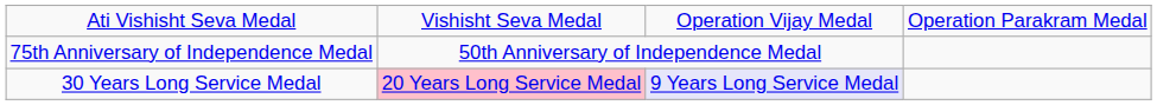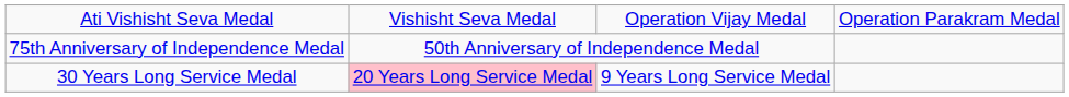 <table class="wikitable" style="margin:1em auto; text-align:center;">
 <tr>
 <td><a href='#'>Ati Vishisht Seva Medal</a></td>
 <td><a href='#'>Vishisht Seva Medal</a></td>
 <td><a href='#'>Operation Vijay Medal</a></td>
 <td><a href='#'>Operation Parakram Medal</a></td>
 </tr>
 <tr>
 <td><a href='#'>75th Anniversary of Independence Medal</a></td>
 <td colspan='2'><a href='#'>50th Anniversary of Independence Medal</a></td>
 </tr>
 <tr>
 <td><a href='#'>30 Years Long Service Medal</a></td>
 <td style="background: pink;"><a href='#'>20 Years Long Service Medal</a></td>
-<td style="background: lavender;"><a href='#'>9 Years Long Service Medal</a></td>
+<td><a href='#'>9 Years Long Service Medal</a></td>
 <td></td>
 </tr>
 </table>
